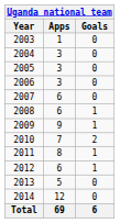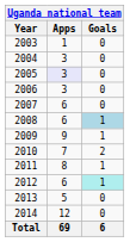 <table class="wikitable" style="text-align:center">
 <tr>
 <th colspan=3><a href='#'>Uganda national team</a></th>
 </tr>
 <tr>
 <th>Year</th>
 <th>Apps</th>
 <th>Goals</th>
 </tr>
 <tr>
 <td>2003</td>
 <td>1</td>
 <td>0</td>
 </tr>
 <tr>
 <td>2004</td>
 <td>3</td>
 <td>0</td>
 </tr>
 <tr>
 <td>2005</td>
-<td>3</td>
+<td style="background: lavender;">3</td>
 <td>0</td>
 </tr>
 <tr>
 <td>2006</td>
 <td>3</td>
 <td>0</td>
 </tr>
 <tr>
 <td>2007</td>
 <td>6</td>
 <td>0</td>
 </tr>
 <tr>
 <td>2008</td>
 <td>6</td>
-<td>1</td>
+<td style="background: lightblue;">1</td>
 </tr>
 <tr>
 <td>2009</td>
 <td>9</td>
 <td>1</td>
 </tr>
 <tr>
 <td>2010</td>
 <td>7</td>
 <td>2</td>
 </tr>
 <tr>
 <td>2011</td>
 <td>8</td>
 <td>1</td>
 </tr>
 <tr>
 <td>2012</td>
 <td>6</td>
-<td>1</td>
+<td style="background: paleturquoise;">1</td>
 </tr>
 <tr>
 <td>2013</td>
 <td>5</td>
 <td>0</td>
 </tr>
 <tr>
 <td>2014</td>
 <td>12</td>
 <td>0</td>
 </tr>
 <tr>
 <th>Total</th>
 <th>69</th>
 <th>6</th>
 </tr>
 </table>
